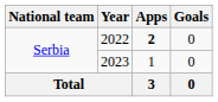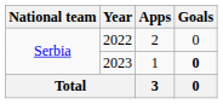 <table class="wikitable" style="text-align:center">
 <tr>
 <th>National team</th>
 <th>Year</th>
 <th>Apps</th>
 <th>Goals</th>
 </tr>
 <tr>
 <td rowspan=2><a href='#'>Serbia</a></td>
 <td>2022</td>
-<td><strong>2</strong></td>
+<td>2</td>
 <td>0</td>
 </tr>
 <tr>
 <td>2023</td>
 <td>1</td>
-<td>0</td>
+<td><strong>0</strong></td>
 </tr>
 <tr>
 <th colspan="2">Total</th>
 <th>3</th>
 <th>0</th>
 </tr>
 </table>
